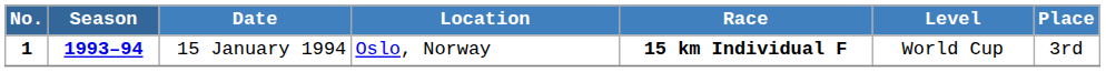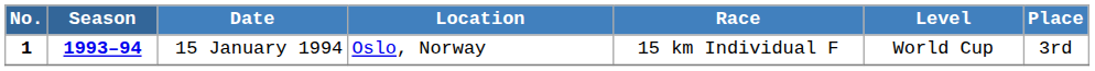 <table class="wikitable sortable" style="font-size:95%; text-align:center; border:grey solid 1px; border-collapse:collapse; background:#ffffff;">
 <tr style="background:#efefef;">
 <th style="background-color:#369; color:white;">No.</th>
 <th style="background-color:#369; color:white;">Season</th>
 <th style="background-color:#4180be; color:white; width:120px;">Date</th>
 <th style="background-color:#4180be; color:white; width:170px;">Location</th>
 <th style="background-color:#4180be; color:white; width:160px;">Race</th>
 <th style="background-color:#4180be; color:white; width:100px;">Level</th>
 <th style="background-color:#4180be; color:white;">Place</th>
 </tr>
 <tr>
 <td align=center><strong>1</strong></td>
 <td rowspan=1 align=center><strong> <a href='#'>1993–94</a> </strong></td>
 <td align=right>15 January 1994</td>
 <td align=left> <a href='#'>Oslo</a>, Norway</td>
-<td><strong>15 km Individual F</strong></td>
+<td>15 km Individual F</td>
 <td>World Cup</td>
 <td>3rd</td>
 </tr>
 <tr>
 </tr>
 </table>
